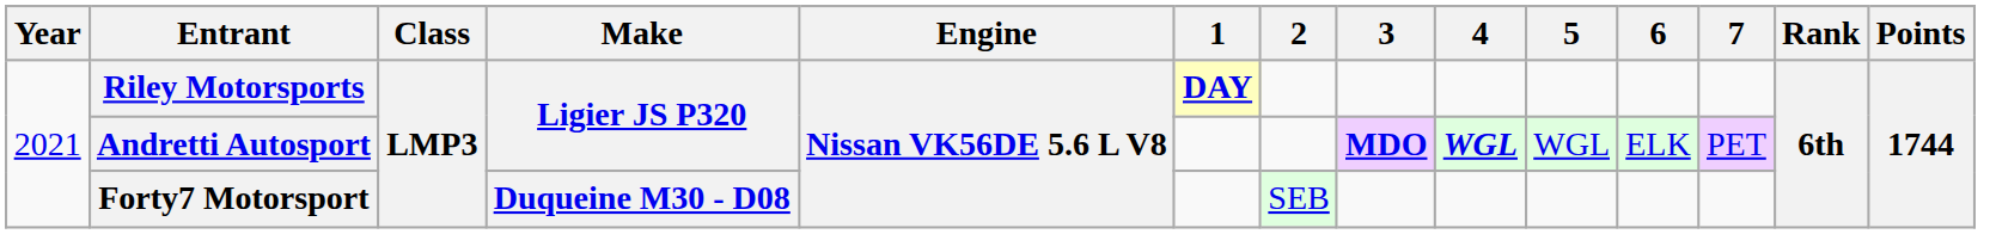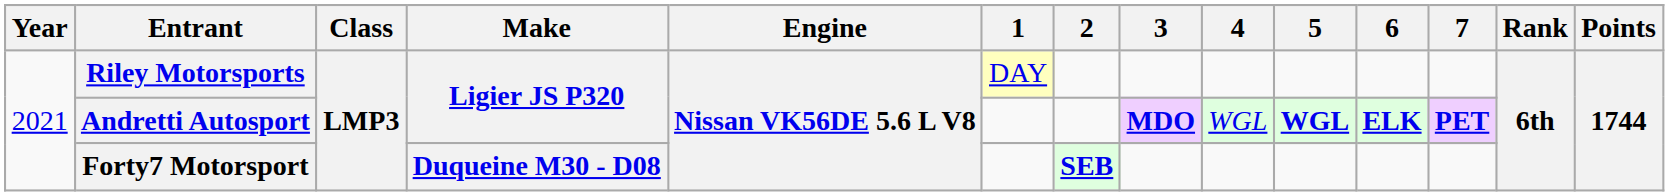 <table class="wikitable" style="text-align:center; font-size:85%">
 <tr>
 <th>Year</th>
 <th>Entrant</th>
 <th>Class</th>
 <th>Make</th>
 <th>Engine</th>
 <th>1</th>
 <th>2</th>
 <th>3</th>
 <th>4</th>
 <th>5</th>
 <th>6</th>
 <th>7</th>
 <th>Rank</th>
 <th>Points</th>
 </tr>
 <tr>
 <td rowspan=3><a href='#'>2021</a></td>
 <th nowrap><a href='#'>Riley Motorsports</a></th>
 <th rowspan=3>LMP3</th>
 <th rowspan=2 nowrap><a href='#'>Ligier JS P320</a></th>
 <th rowspan=3 nowrap><a href='#'>Nissan VK56DE</a> 5.6 L V8</th>
-<td style="background:#FFFFBF;"><strong><a href='#'>DAY</a><br></strong></td>
+<td style="background:#FFFFBF;"><a href='#'>DAY</a><br></td>
 <td></td>
 <td></td>
 <td></td>
 <td></td>
 <td></td>
 <td></td>
 <th rowspan=3>6th</th>
 <th rowspan=3>1744</th>
 </tr>
 <tr>
 <th nowrap><a href='#'>Andretti Autosport</a></th>
 <td></td>
 <td></td>
 <td style="background:#EFCFFF;"><strong><a href='#'>MDO</a><br></strong></td>
-<td style="background:#DFFFDF;"><strong><em><a href='#'>WGL</a></em><br></strong></td>
-<td style="background:#DFFFDF;"><a href='#'>WGL</a><br></td>
-<td style="background:#DFFFDF;"><a href='#'>ELK</a><br></td>
-<td style="background:#EFCFFF;"><a href='#'>PET</a><br></td>
+<td style="background:#DFFFDF;"><em><a href='#'>WGL</a></em><br></td>
+<td style="background:#DFFFDF;"><strong><a href='#'>WGL</a><br></strong></td>
+<td style="background:#DFFFDF;"><strong><a href='#'>ELK</a><br></strong></td>
+<td style="background:#EFCFFF;"><strong><a href='#'>PET</a><br></strong></td>
 </tr>
 <tr>
 <th nowrap>Forty7 Motorsport</th>
 <th nowrap><a href='#'>Duqueine M30 - D08</a></th>
 <td></td>
-<td style="background:#DFFFDF;"><a href='#'>SEB</a><br></td>
+<td style="background:#DFFFDF;"><strong><a href='#'>SEB</a><br></strong></td>
 <td></td>
 <td></td>
 <td></td>
 <td></td>
 <td></td>
 </tr>
 </table>
